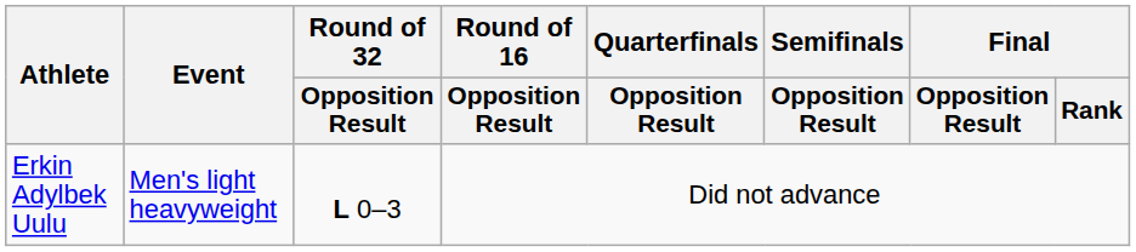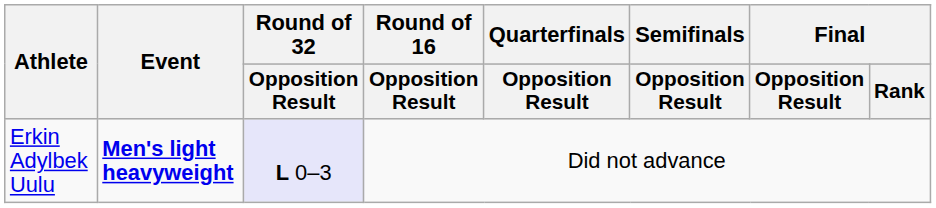 <table class="wikitable" style="font-size:90%">
 <tr>
 <th rowspan=2>Athlete</th>
 <th rowspan=2>Event</th>
 <th>Round of 32</th>
 <th>Round of 16</th>
 <th>Quarterfinals</th>
 <th>Semifinals</th>
 <th colspan=2>Final</th>
 </tr>
 <tr style="font-size:95%">
 <th>Opposition<br>Result</th>
 <th>Opposition<br>Result</th>
 <th>Opposition<br>Result</th>
 <th>Opposition<br>Result</th>
 <th>Opposition<br>Result</th>
 <th>Rank</th>
 </tr>
 <tr align=center>
 <td align=left><a href='#'>Erkin Adylbek Uulu</a></td>
-<td align=left><a href='#'>Men's light heavyweight</a></td>
-<td><br><strong>L</strong> 0–3</td>
+<td align=left><strong><a href='#'>Men's light heavyweight</a></strong></td>
+<td style="background: lavender;"><br><strong>L</strong> 0–3</td>
 <td colspan=5>Did not advance</td>
 </tr>
 </table>
